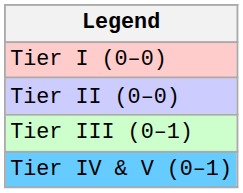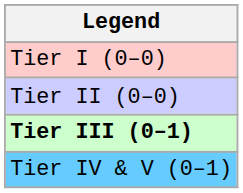 <table class=wikitable style=font-size:90%>
 <tr>
 <th>Legend</th>
 </tr>
 <tr>
 <td bgcolor=#ffcccc>Tier I (0–0)</td>
 </tr>
 <tr>
 <td bgcolor=#ccccff>Tier II (0–0)</td>
 </tr>
 <tr>
-<td bgcolor=#CCFFCC>Tier III (0–1)</td>
+<td bgcolor=#CCFFCC><strong>Tier III (0–1)</strong></td>
 </tr>
 <tr>
 <td bgcolor=#66CCFF>Tier IV & V (0–1)</td>
 </tr>
 </table>
